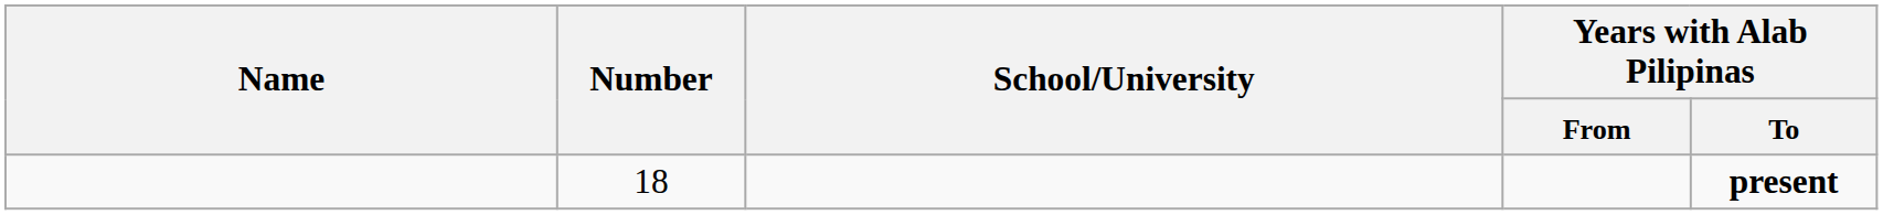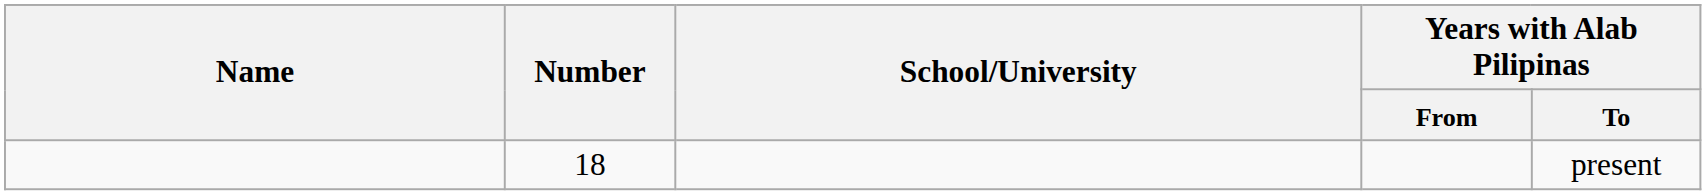 <table class="wikitable sortable" style="text-align:center" width="98%">
 <tr>
 <th style="width:180px;" rowspan="2">Name</th>
 <th style="width:10%;" colspan="2" rowspan="2">Number</th>
 <th style="width:250px;" rowspan="2">School/University</th>
 <th style="width:180px; text-align:center;" colspan="2">Years with Alab Pilipinas</th>
 </tr>
 <tr>
 <th style="width:10%; text-align:center;"><small>From</small></th>
 <th style="width:10%; text-align:center;"><small>To</small></th>
 </tr>
 <tr>
 <td></td>
 <td colspan="2">18</td>
 <td></td>
 <td></td>
-<td><strong>present</strong></td>
+<td>present</td>
 </tr>
 </table>
